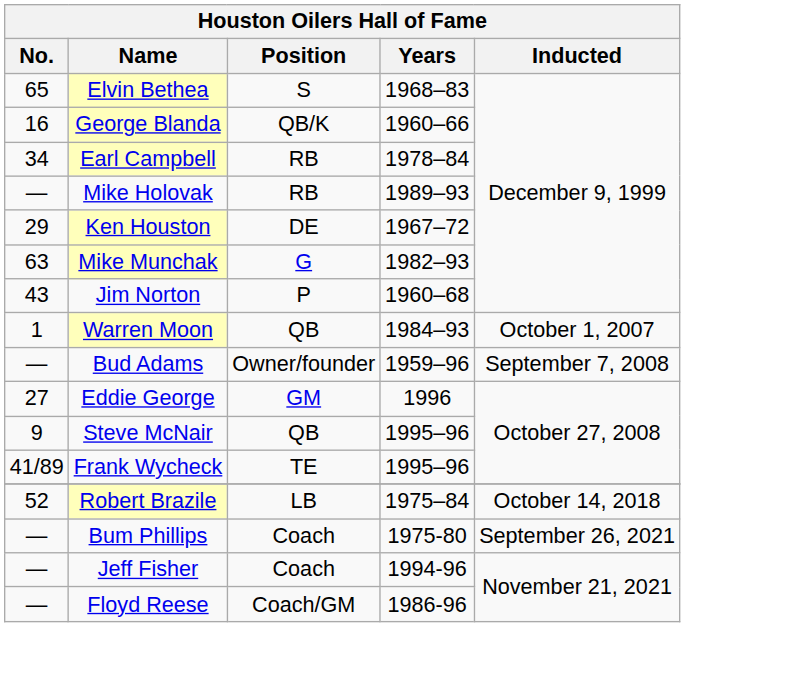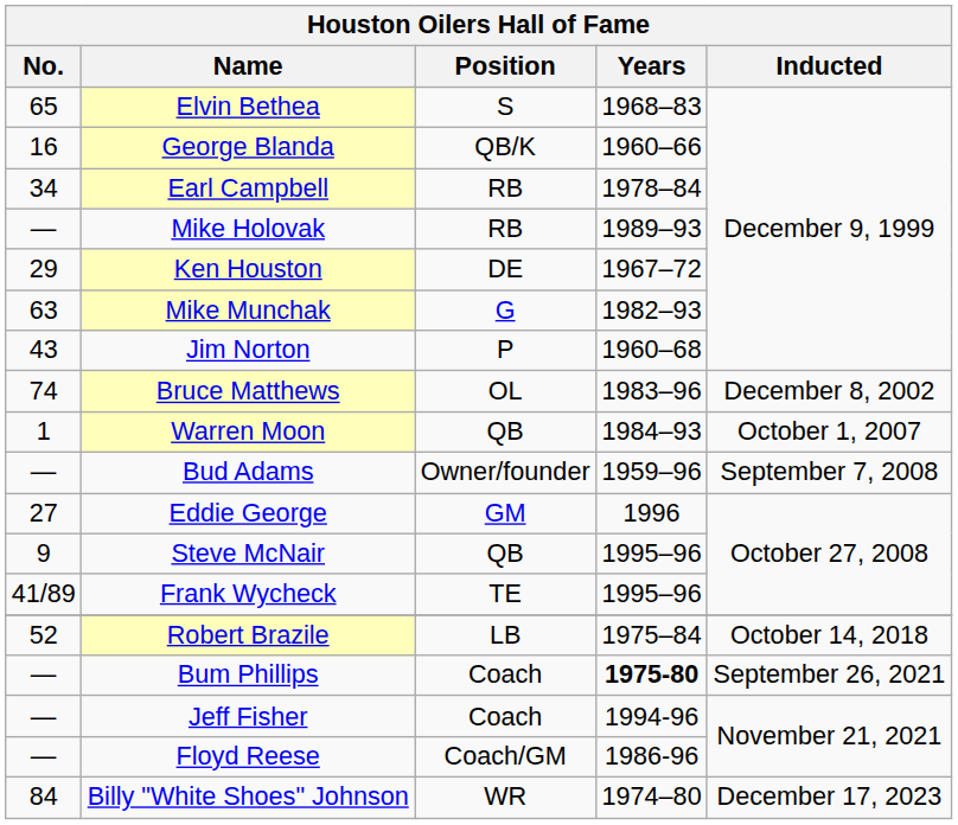 <table class="wikitable" style="text-align: center;">
 <tr>
 <th colspan="5">Houston Oilers Hall of Fame</th>
 </tr>
 <tr>
 <th>No.</th>
 <th>Name</th>
 <th>Position</th>
 <th>Years</th>
 <th>Inducted</th>
 </tr>
 <tr>
 <td>65</td>
 <td style="background:#ffb"><a href='#'>Elvin Bethea</a></td>
 <td>S</td>
 <td>1968–83</td>
 <td rowspan=7>December 9, 1999</td>
 </tr>
 <tr>
 <td>16</td>
 <td style="background:#ffb"><a href='#'>George Blanda</a></td>
 <td>QB/K</td>
 <td>1960–66</td>
 </tr>
 <tr>
 <td>34</td>
 <td style="background:#ffb"><a href='#'>Earl Campbell</a></td>
 <td>RB</td>
 <td>1978–84</td>
 </tr>
 <tr>
 <td>—</td>
 <td><a href='#'>Mike Holovak</a></td>
 <td>RB</td>
 <td>1989–93</td>
 </tr>
 <tr>
 <td>29</td>
 <td style="background:#ffb"><a href='#'>Ken Houston</a></td>
 <td>DE</td>
 <td>1967–72</td>
 </tr>
 <tr>
 <td>63</td>
 <td style="background:#ffb"><a href='#'>Mike Munchak</a></td>
 <td><a href='#'>G</a></td>
 <td>1982–93</td>
 </tr>
 <tr>
 <td>43</td>
 <td Jim Norton (safety)><a href='#'>Jim Norton</a></td>
 <td>P</td>
 <td>1960–68</td>
 </tr>
 <tr>
+<td>74</td>
+<td style="background:#ffb"><a href='#'>Bruce Matthews</a></td>
+<td>OL</td>
+<td>1983–96</td>
+<td>December 8, 2002</td>
+</tr>
+<tr>
 <td>1</td>
 <td style="background:#ffb"><a href='#'>Warren Moon</a></td>
 <td>QB</td>
 <td>1984–93</td>
 <td>October 1, 2007</td>
 </tr>
 <tr>
 <td>—</td>
 <td><a href='#'>Bud Adams</a></td>
 <td>Owner/founder</td>
 <td>1959–96</td>
 <td>September 7, 2008</td>
 </tr>
 <tr>
 <td>27</td>
 <td><a href='#'>Eddie George</a></td>
 <td><a href='#'>GM</a></td>
 <td>1996</td>
 <td rowspan=3>October 27, 2008</td>
 </tr>
 <tr>
 <td>9</td>
 <td><a href='#'>Steve McNair</a></td>
 <td>QB</td>
 <td>1995–96</td>
 </tr>
 <tr>
 <td>41/89</td>
 <td><a href='#'>Frank Wycheck</a></td>
 <td>TE</td>
 <td>1995–96</td>
 </tr>
 <tr>
 </tr>
 <tr>
 <td>52</td>
 <td style="background:#ffb"><a href='#'>Robert Brazile</a></td>
 <td>LB</td>
 <td>1975–84</td>
 <td>October 14, 2018</td>
 </tr>
 <tr>
 <td>—</td>
 <td><a href='#'>Bum Phillips</a></td>
 <td>Coach</td>
-<td>1975-80</td>
+<td><strong>1975-80</strong></td>
 <td>September 26, 2021</td>
 </tr>
 <tr>
 <td>—</td>
 <td><a href='#'>Jeff Fisher</a></td>
 <td>Coach</td>
 <td>1994-96</td>
 <td rowspan=2>November 21, 2021</td>
 </tr>
 <tr>
 <td>—</td>
 <td><a href='#'>Floyd Reese</a></td>
 <td>Coach/GM</td>
 <td>1986-96</td>
 </tr>
+<tr>
+<td>84</td>
+<td><a href='#'>Billy "White Shoes" Johnson</a></td>
+<td>WR</td>
+<td>1974–80</td>
+<td>December 17, 2023</td>
+</tr>
 </table>
